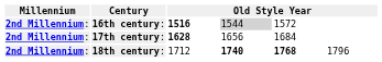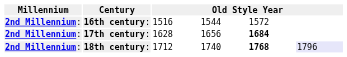 <table>
 <tr style="background-color:#efefef;">
 <th>Millennium</th>
 <th>Century</th>
 <th align="center" colspan="11">Old Style Year</th>
 </tr>
 <tr>
 <td style="background-color:#efefef;"><strong><a href='#'>2nd Millennium</a></strong>:</td>
 <td style="background-color:#efefef;"><strong>16th century</strong>:</td>
-<td width=70px><strong>1516</strong></td>
-<td width=70px style="background: lightgrey;">1544</td>
+<td width=70px>1516</td>
+<td width=70px>1544</td>
 <td width=70px>1572</td>
 <td width=70px> </td>
 </tr>
 <tr>
 <td style="background-color:#efefef;"><strong><a href='#'>2nd Millennium</a></strong>:</td>
 <td style="background-color:#efefef;"><strong>17th century</strong>:</td>
-<td width=70px><strong>1628</strong></td>
+<td width=70px>1628</td>
 <td width=70px>1656</td>
-<td width=70px>1684</td>
+<td width=70px><strong>1684</strong></td>
 <td width=70px> </td>
 </tr>
 <tr>
 <td style="background-color:#efefef;"><strong><a href='#'>2nd Millennium</a></strong>:</td>
 <td style="background-color:#efefef;"><strong>18th century</strong>:</td>
 <td width=70px>1712</td>
-<td width=70px><strong>1740</strong></td>
+<td width=70px>1740</td>
 <td width=70px><strong>1768</strong></td>
-<td width=70px>1796</td>
+<td width=70px style="background: lavender;">1796</td>
 </tr>
 </table>
